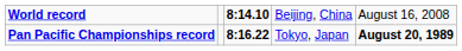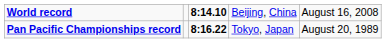 <table class="wikitable">
 <tr>
 <td><strong><a href='#'>World record</a></strong></td>
 <td></td>
 <td><strong>8:14.10</strong></td>
 <td><a href='#'>Beijing</a>, <a href='#'>China</a></td>
 <td>August 16, 2008</td>
 </tr>
 <tr>
 <td><strong><a href='#'>Pan Pacific Championships record</a></strong></td>
 <td></td>
 <td><strong>8:16.22</strong></td>
 <td><a href='#'>Tokyo</a>, <a href='#'>Japan</a></td>
-<td><strong>August 20, 1989</strong></td>
+<td>August 20, 1989</td>
 </tr>
 </table>
